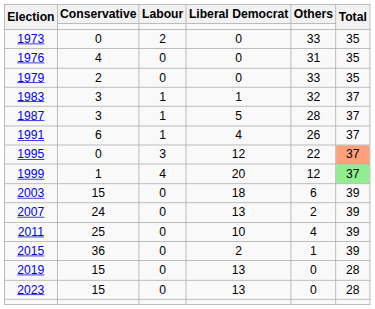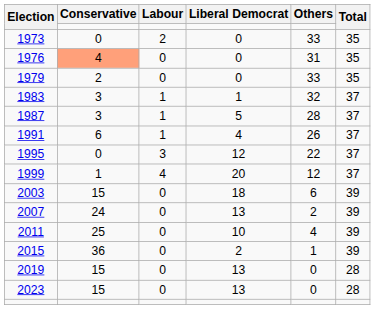 <table class="wikitable" style="text-align: center">
 <tr>
 <th rowspan="2">Election</th>
 <th>Conservative</th>
 <th>Labour</th>
 <th>Liberal Democrat</th>
 <th>Others</th>
 <th rowspan="2">Total</th>
 </tr>
 <tr>
 <td style="background-color: "></td>
 <td style="background-color: "></td>
 <td style="background-color: "></td>
 <td style="background-color: "></td>
 </tr>
 <tr>
 <td><a href='#'>1973</a></td>
 <td>0</td>
 <td>2</td>
 <td>0</td>
 <td>33</td>
 <td>35</td>
 </tr>
 <tr>
 <td><a href='#'>1976</a></td>
-<td>4</td>
+<td style="background: lightsalmon;">4</td>
 <td>0</td>
 <td>0</td>
 <td>31</td>
 <td>35</td>
 </tr>
 <tr>
 <td><a href='#'>1979</a></td>
 <td>2</td>
 <td>0</td>
 <td>0</td>
 <td>33</td>
 <td>35</td>
 </tr>
 <tr>
 <td><a href='#'>1983</a></td>
 <td>3</td>
 <td>1</td>
 <td>1</td>
 <td>32</td>
 <td>37</td>
 </tr>
 <tr>
 <td><a href='#'>1987</a></td>
 <td>3</td>
 <td>1</td>
 <td>5</td>
 <td>28</td>
 <td>37</td>
 </tr>
 <tr>
 <td><a href='#'>1991</a></td>
 <td>6</td>
 <td>1</td>
 <td>4</td>
 <td>26</td>
 <td>37</td>
 </tr>
 <tr>
 <td><a href='#'>1995</a></td>
 <td>0</td>
 <td>3</td>
 <td>12</td>
 <td>22</td>
-<td style="background: lightsalmon;">37</td>
+<td>37</td>
 </tr>
 <tr>
 <td><a href='#'>1999</a></td>
 <td>1</td>
 <td>4</td>
 <td>20</td>
 <td>12</td>
-<td style="background: lightgreen;">37</td>
+<td>37</td>
 </tr>
 <tr>
 <td><a href='#'>2003</a></td>
 <td>15</td>
 <td>0</td>
 <td>18</td>
 <td>6</td>
 <td>39</td>
 </tr>
 <tr>
 <td><a href='#'>2007</a></td>
 <td>24</td>
 <td>0</td>
 <td>13</td>
 <td>2</td>
 <td>39</td>
 </tr>
 <tr>
 <td><a href='#'>2011</a></td>
 <td>25</td>
 <td>0</td>
 <td>10</td>
 <td>4</td>
 <td>39</td>
 </tr>
 <tr>
 <td><a href='#'>2015</a></td>
 <td>36</td>
 <td>0</td>
 <td>2</td>
 <td>1</td>
 <td>39</td>
 </tr>
 <tr>
 <td><a href='#'>2019</a></td>
 <td>15</td>
 <td>0</td>
 <td>13</td>
 <td>0</td>
 <td>28</td>
 </tr>
 <tr>
 <td><a href='#'>2023</a></td>
 <td>15</td>
 <td>0</td>
 <td>13</td>
 <td>0</td>
 <td>28</td>
 </tr>
 <tr>
 <td></td>
 <td style="background-color: "></td>
 <td style="background-color: "></td>
 <td style="background-color: "></td>
 <td style="background-color: "></td>
 <td></td>
 </tr>
 </table>
